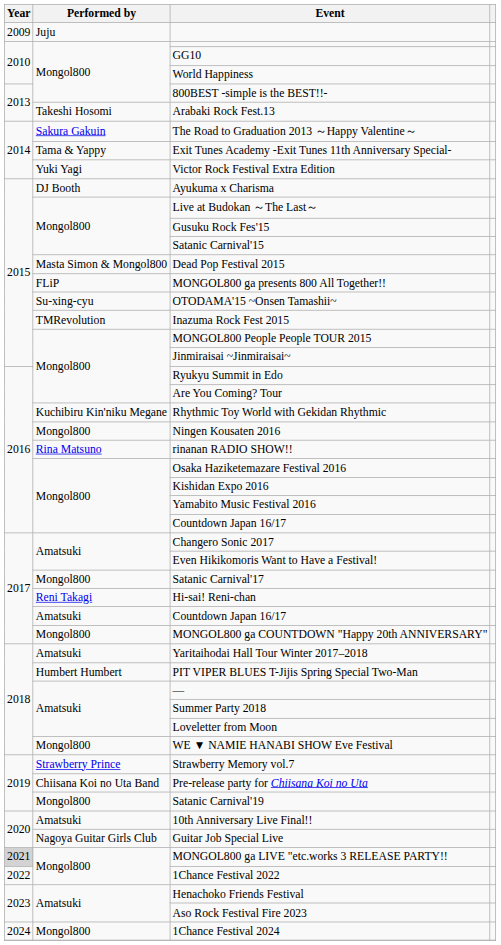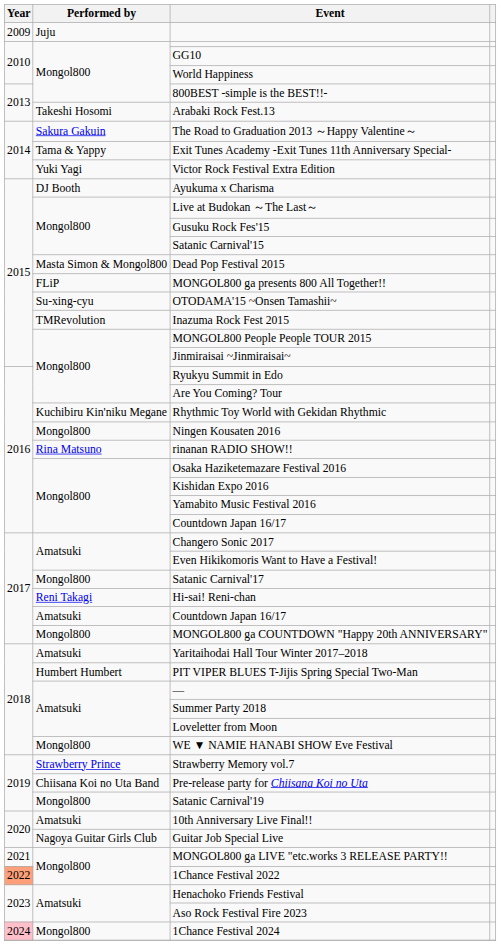 <table class="wikitable">
 <tr>
 <th>Year</th>
 <th>Performed by</th>
 <th>Event</th>
 <th></th>
 </tr>
 <tr>
 <td>2009</td>
 <td>Juju</td>
 <td></td>
 <td></td>
 </tr>
 <tr>
 <td rowspan="3">2010</td>
 <td rowspan="4">Mongol800</td>
 <td></td>
 <td></td>
 </tr>
 <tr>
 <td>GG10</td>
 <td></td>
 </tr>
 <tr>
 <td>World Happiness</td>
 <td></td>
 </tr>
 <tr>
 <td rowspan="2">2013</td>
 <td>800BEST -simple is the BEST!!-</td>
 <td></td>
 </tr>
 <tr>
 <td>Takeshi Hosomi</td>
 <td>Arabaki Rock Fest.13</td>
 <td></td>
 </tr>
 <tr>
 <td rowspan="3">2014</td>
 <td><a href='#'>Sakura Gakuin</a></td>
 <td>The Road to Graduation 2013 ～Happy Valentine～</td>
 <td></td>
 </tr>
 <tr>
 <td>Tama & Yappy</td>
 <td>Exit Tunes Academy -Exit Tunes 11th Anniversary Special-</td>
 <td></td>
 </tr>
 <tr>
 <td>Yuki Yagi</td>
 <td>Victor Rock Festival Extra Edition</td>
 <td></td>
 </tr>
 <tr>
 <td rowspan=10>2015</td>
 <td>DJ Booth</td>
 <td>Ayukuma x Charisma</td>
 <td></td>
 </tr>
 <tr>
 <td rowspan=3>Mongol800</td>
 <td>Live at Budokan ～The Last～</td>
 <td></td>
 </tr>
 <tr>
 <td>Gusuku Rock Fes'15</td>
 <td></td>
 </tr>
 <tr>
 <td>Satanic Carnival'15</td>
 <td></td>
 </tr>
 <tr>
 <td>Masta Simon & Mongol800</td>
 <td>Dead Pop Festival 2015</td>
 <td></td>
 </tr>
 <tr>
 <td>FLiP</td>
 <td>MONGOL800 ga presents 800 All Together!!</td>
 <td></td>
 </tr>
 <tr>
 <td>Su-xing-cyu</td>
 <td>OTODAMA'15 ~Onsen Tamashii~</td>
 <td></td>
 </tr>
 <tr>
 <td>TMRevolution</td>
 <td>Inazuma Rock Fest 2015</td>
 <td></td>
 </tr>
 <tr>
 <td rowspan=4>Mongol800</td>
 <td>MONGOL800 People People TOUR 2015</td>
 <td></td>
 </tr>
 <tr>
 <td>Jinmiraisai ~Jinmiraisai~</td>
 <td></td>
 </tr>
 <tr>
 <td rowspan=9>2016</td>
 <td>Ryukyu Summit in Edo</td>
 <td></td>
 </tr>
 <tr>
 <td>Are You Coming? Tour</td>
 <td></td>
 </tr>
 <tr>
 <td>Kuchibiru Kin'niku Megane</td>
 <td>Rhythmic Toy World with Gekidan Rhythmic</td>
 <td></td>
 </tr>
 <tr>
 <td>Mongol800</td>
 <td>Ningen Kousaten 2016</td>
 <td></td>
 </tr>
 <tr>
 <td><a href='#'>Rina Matsuno</a></td>
 <td>rinanan RADIO SHOW!!</td>
 <td></td>
 </tr>
 <tr>
 <td rowspan=4>Mongol800</td>
 <td>Osaka Haziketemazare Festival 2016</td>
 <td></td>
 </tr>
 <tr>
 <td>Kishidan Expo 2016</td>
 <td></td>
 </tr>
 <tr>
 <td>Yamabito Music Festival 2016</td>
 <td></td>
 </tr>
 <tr>
 <td>Countdown Japan 16/17</td>
 <td></td>
 </tr>
 <tr>
 <td rowspan=6>2017</td>
 <td rowspan=2>Amatsuki</td>
 <td>Changero Sonic 2017</td>
 <td></td>
 </tr>
 <tr>
 <td>Even Hikikomoris Want to Have a Festival!</td>
 <td></td>
 </tr>
 <tr>
 <td>Mongol800</td>
 <td>Satanic Carnival'17</td>
 <td></td>
 </tr>
 <tr>
 <td><a href='#'>Reni Takagi</a></td>
 <td>Hi-sai! Reni-chan</td>
 <td></td>
 </tr>
 <tr>
 <td>Amatsuki</td>
 <td>Countdown Japan 16/17</td>
 <td></td>
 </tr>
 <tr>
 <td>Mongol800</td>
 <td>MONGOL800 ga COUNTDOWN "Happy 20th ANNIVERSARY"</td>
 <td></td>
 </tr>
 <tr>
 <td rowspan=6>2018</td>
 <td>Amatsuki</td>
 <td>Yaritaihodai Hall Tour Winter 2017–2018</td>
 <td></td>
 </tr>
 <tr>
 <td>Humbert Humbert</td>
 <td>PIT VIPER BLUES T-Jijis Spring Special Two-Man</td>
 <td></td>
 </tr>
 <tr>
 <td rowspan=3>Amatsuki</td>
 <td>—</td>
 <td></td>
 </tr>
 <tr>
 <td>Summer Party 2018</td>
 <td></td>
 </tr>
 <tr>
 <td>Loveletter from Moon</td>
 <td></td>
 </tr>
 <tr>
 <td>Mongol800</td>
 <td>WE ▼ NAMIE HANABI SHOW Eve Festival</td>
 <td></td>
 </tr>
 <tr>
 <td rowspan=3>2019</td>
 <td><a href='#'>Strawberry Prince</a></td>
 <td>Strawberry Memory vol.7</td>
 <td></td>
 </tr>
 <tr>
 <td>Chiisana Koi no Uta Band</td>
 <td>Pre-release party for <em><a href='#'>Chiisana Koi no Uta</a></em></td>
 <td></td>
 </tr>
 <tr>
 <td>Mongol800</td>
 <td>Satanic Carnival'19</td>
 <td></td>
 </tr>
 <tr>
 <td rowspan=2>2020</td>
 <td>Amatsuki</td>
 <td>10th Anniversary Live Final!!</td>
 <td></td>
 </tr>
 <tr>
 <td>Nagoya Guitar Girls Club</td>
 <td>Guitar Job Special Live</td>
 <td></td>
 </tr>
 <tr>
-<td style="background: lightgrey;">2021</td>
+<td>2021</td>
 <td rowspan=2>Mongol800</td>
 <td>MONGOL800 ga LIVE "etc.works 3 RELEASE PARTY!!</td>
 <td></td>
 </tr>
 <tr>
-<td>2022</td>
+<td style="background: lightsalmon;">2022</td>
 <td>1Chance Festival 2022</td>
 <td></td>
 </tr>
 <tr>
 <td rowspan=2>2023</td>
 <td rowspan=2>Amatsuki</td>
 <td>Henachoko Friends Festival</td>
 <td></td>
 </tr>
 <tr>
 <td>Aso Rock Festival Fire 2023</td>
 <td></td>
 </tr>
 <tr>
-<td>2024</td>
+<td style="background: pink;">2024</td>
 <td>Mongol800</td>
 <td>1Chance Festival 2024</td>
 <td></td>
 </tr>
 <tr>
 </tr>
 </table>
